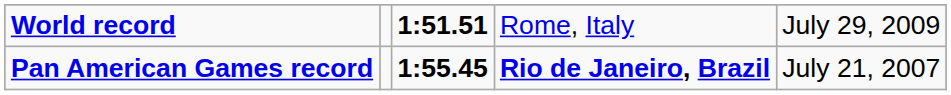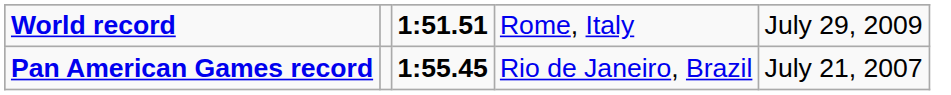 <table class="wikitable">
 <tr>
 <td><strong><a href='#'>World record</a></strong></td>
 <td></td>
 <td><strong>1:51.51</strong></td>
 <td><a href='#'>Rome</a>, <a href='#'>Italy</a></td>
 <td>July 29, 2009</td>
 </tr>
 <tr>
 <td><strong><a href='#'>Pan American Games record</a></strong></td>
 <td></td>
 <td><strong>1:55.45</strong></td>
-<td><strong><a href='#'>Rio de Janeiro</a>, <a href='#'>Brazil</a></strong></td>
+<td><a href='#'>Rio de Janeiro</a>, <a href='#'>Brazil</a></td>
 <td>July 21, 2007</td>
 </tr>
 </table>
